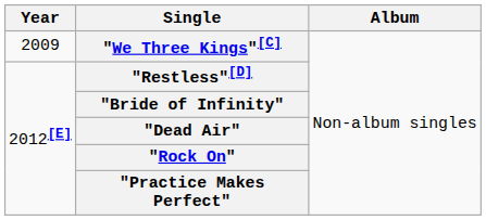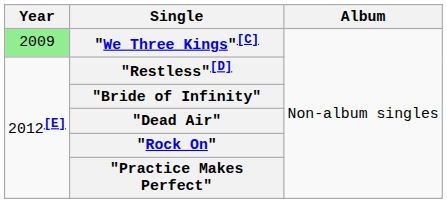 <table class="wikitable plainrowheaders" style="text-align:center;">
 <tr>
 <th>Year</th>
 <th style="width:14em;">Single</th>
 <th>Album</th>
 </tr>
 <tr>
-<td>2009</td>
+<td style="background: lightgreen;">2009</td>
 <th scope="row">"<a href='#'>We Three Kings</a>"<sup><span></span><a href='#'><strong>[C]</strong></a></sup></th>
 <td rowspan="6">Non-album singles</td>
 </tr>
 <tr>
 <td rowspan="5">2012<sup><a href='#'><strong>[E]</strong></a></sup></td>
 <th scope="row">"Restless"<sup><span></span><a href='#'><strong>[D]</strong></a></sup></th>
 </tr>
 <tr>
 <th scope="row">"Bride of Infinity"</th>
 </tr>
 <tr>
 <th scope="row">"Dead Air"</th>
 </tr>
 <tr>
 <th scope="row">"<a href='#'>Rock On</a>"</th>
 </tr>
 <tr>
 <th scope="row">"Practice Makes Perfect"</th>
 </tr>
 </table>
